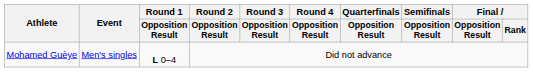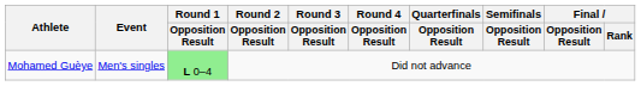 <table class="wikitable" style="font-size:90%">
 <tr>
 <th rowspan="2">Athlete</th>
 <th rowspan="2">Event</th>
 <th>Round 1</th>
 <th>Round 2</th>
 <th>Round 3</th>
 <th>Round 4</th>
 <th>Quarterfinals</th>
 <th>Semifinals</th>
 <th colspan=2>Final / </th>
 </tr>
 <tr style="font-size:95%">
 <th>Opposition<br>Result</th>
 <th>Opposition<br>Result</th>
 <th>Opposition<br>Result</th>
 <th>Opposition<br>Result</th>
 <th>Opposition<br>Result</th>
 <th>Opposition<br>Result</th>
 <th>Opposition<br>Result</th>
 <th>Rank</th>
 </tr>
 <tr align=center>
 <td align=left><a href='#'>Mohamed Guèye</a></td>
 <td align=left><a href='#'>Men's singles</a></td>
-<td><br><strong>L</strong> 0–4</td>
+<td style="background: lightgreen;"><br><strong>L</strong> 0–4</td>
 <td colspan=7>Did not advance</td>
 </tr>
 </table>
